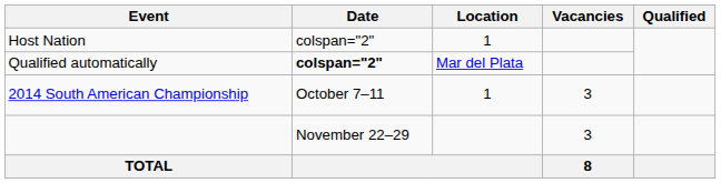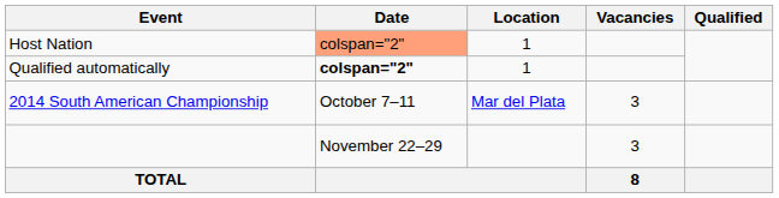 <table class="wikitable" width=770>
 <tr>
 <th>Event</th>
 <th>Date</th>
 <th>Location</th>
 <th>Vacancies</th>
 <th>Qualified</th>
 </tr>
 <tr>
 <td>Host Nation</td>
-<td>colspan="2" </td>
+<td style="background: lightsalmon;">colspan="2" </td>
 <td align=center>1</td>
 <td></td>
 </tr>
 <tr>
 <td>Qualified automatically</td>
 <td><strong>colspan="2" </strong></td>
-<td> <a href='#'>Mar del Plata</a></td>
+<td align=center>1</td>
 <td></td>
 </tr>
 <tr>
 <td><a href='#'>2014 South American Championship</a></td>
 <td>October 7–11</td>
-<td align=center>1</td>
+<td> <a href='#'>Mar del Plata</a></td>
 <td align=center>3</td>
 <td><br><br></td>
 </tr>
 <tr>
 <td></td>
 <td>November 22–29</td>
 <td></td>
 <td align=center>3</td>
 <td><br><br></td>
 </tr>
 <tr>
 <th>TOTAL</th>
 <th colspan="2"></th>
 <th>8</th>
 <th></th>
 </tr>
 </table>
